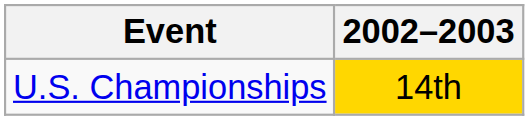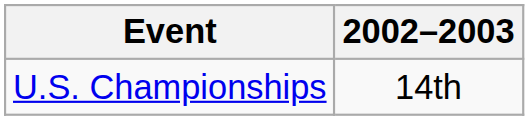 <table class="wikitable" style="text-align:center">
 <tr>
 <th>Event</th>
 <th>2002–2003</th>
 </tr>
 <tr>
 <td align=left><a href='#'>U.S. Championships</a></td>
-<td style="background: gold;">14th</td>
+<td>14th</td>
 </tr>
 </table>
